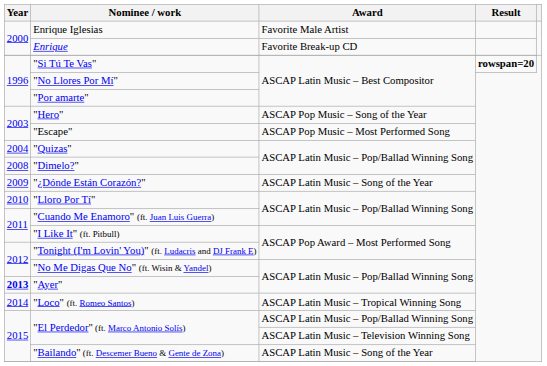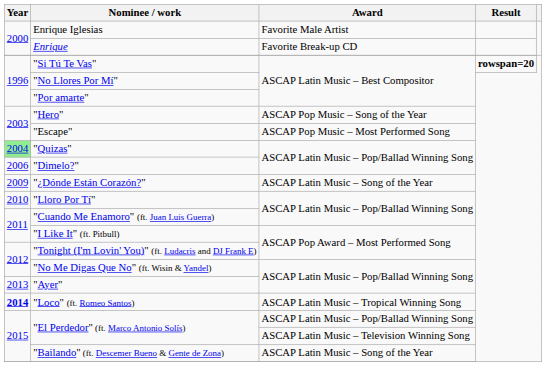 <table class="wikitable">
 <tr>
 <th>Year</th>
 <th>Nominee / work</th>
 <th>Award</th>
 <th>Result</th>
 <th></th>
 </tr>
 <tr>
 <td rowspan=2><a href='#'>2000</a></td>
 <td>Enrique Iglesias</td>
 <td>Favorite Male Artist</td>
 <td></td>
 <td rowspan=2></td>
 </tr>
 <tr>
 <td><em><a href='#'>Enrique</a></em></td>
 <td>Favorite Break-up CD</td>
 <td></td>
 </tr>
 <tr>
 </tr>
 <tr>
 <td rowspan=3><a href='#'>1996</a></td>
 <td>"<a href='#'>Si Tú Te Vas</a>"</td>
 <td rowspan=3>ASCAP Latin Music – Best Compositor</td>
 <td><strong>rowspan=20 </strong></td>
 </tr>
 <tr>
 <td>"<a href='#'>No Llores Por Mí</a>"</td>
 </tr>
 <tr>
 <td>"<a href='#'>Por amarte</a>"</td>
 </tr>
 <tr>
 <td rowspan=3><a href='#'>2003</a></td>
 <td>"<a href='#'>Hero</a>"</td>
 <td>ASCAP Pop Music – Song of the Year</td>
 </tr>
 <tr>
 <td rowspan=2>"Escape"</td>
 <td>ASCAP Pop Music – Most Performed Song</td>
 </tr>
 <tr>
 <td rowspan=3>ASCAP Latin Music – Pop/Ballad Winning Song</td>
 </tr>
 <tr>
-<td><a href='#'>2004</a></td>
+<td style="background: lightgreen;"><a href='#'>2004</a></td>
 <td>"<a href='#'>Quizas</a>"</td>
 </tr>
 <tr>
-<td><a href='#'>2008</a></td>
+<td><a href='#'>2006</a></td>
 <td>"<a href='#'>Dimelo?</a>"</td>
 </tr>
 <tr>
 <td rowspan=2><a href='#'>2009</a></td>
 <td>"<a href='#'>¿Dónde Están Corazón?</a>"</td>
 <td>ASCAP Latin Music – Song of the Year</td>
 </tr>
 <tr>
 <td rowspan=2>"<a href='#'>Lloro Por Tí</a>"</td>
 <td rowspan=3>ASCAP Latin Music – Pop/Ballad Winning Song</td>
 </tr>
 <tr>
 <td><a href='#'>2010</a></td>
 </tr>
 <tr>
 <td rowspan=2><a href='#'>2011</a></td>
 <td>"<a href='#'>Cuando Me Enamoro</a>" <small>(ft. <a href='#'>Juan Luis Guerra</a>)</small></td>
 </tr>
 <tr>
 <td>"<a href='#'>I Like It</a>" <small>(ft. Pitbull)</small></td>
 <td rowspan=2>ASCAP Pop Award – Most Performed Song</td>
 </tr>
 <tr>
 <td rowspan=2><a href='#'>2012</a></td>
 <td>"<a href='#'>Tonight (I'm Lovin' You)</a>" <small>(ft. <a href='#'>Ludacris</a> and <a href='#'>DJ Frank E</a>)</small></td>
 </tr>
 <tr>
 <td>"<a href='#'>No Me Digas Que No</a>" <small>(ft. Wisin & <a href='#'>Yandel</a>)</small></td>
 <td rowspan=2>ASCAP Latin Music – Pop/Ballad Winning Song</td>
 </tr>
 <tr>
-<td><strong><a href='#'>2013</a></strong></td>
+<td><a href='#'>2013</a></td>
 <td>"<a href='#'>Ayer</a>"</td>
 </tr>
 <tr>
-<td><a href='#'>2014</a></td>
+<td><strong><a href='#'>2014</a></strong></td>
 <td>"<a href='#'>Loco</a>" <small>(ft. <a href='#'>Romeo Santos</a>)</small></td>
 <td>ASCAP Latin Music – Tropical Winning Song</td>
 </tr>
 <tr>
 <td rowspan=3><a href='#'>2015</a></td>
 <td rowspan=2>"<a href='#'>El Perdedor</a>"<small> (ft. <a href='#'>Marco Antonio Solís</a>)</small></td>
 <td>ASCAP Latin Music – Pop/Ballad Winning Song</td>
 </tr>
 <tr>
 <td>ASCAP Latin Music – Television Winning Song</td>
 </tr>
 <tr>
 <td>"<a href='#'>Bailando</a>"<small> (ft. <a href='#'>Descemer Bueno</a> & <a href='#'>Gente de Zona</a>)</small></td>
 <td>ASCAP Latin Music – Song of the Year</td>
 </tr>
 <tr>
 </tr>
 </table>
